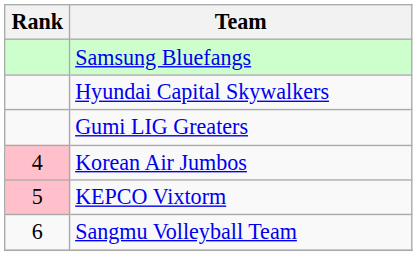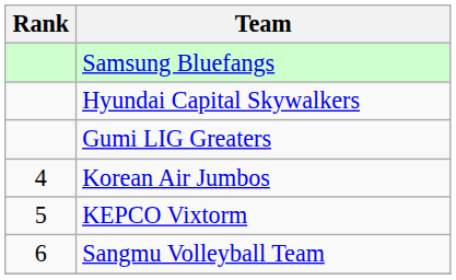 <table class="wikitable" style="text-align: center;">
 <tr>
 <th width=40>Rank</th>
 <th width=240>Team</th>
 </tr>
 <tr bgcolor=#ccffcc>
 <td></td>
 <td align=left><a href='#'>Samsung Bluefangs</a></td>
 </tr>
 <tr>
 <td></td>
 <td align=left><a href='#'>Hyundai Capital Skywalkers</a></td>
 </tr>
 <tr>
 <td></td>
 <td align=left><a href='#'>Gumi LIG Greaters</a></td>
 </tr>
 <tr>
-<td style="background: pink;">4</td>
+<td>4</td>
 <td align=left><a href='#'>Korean Air Jumbos</a></td>
 </tr>
 <tr>
-<td style="background: pink;">5</td>
+<td>5</td>
 <td align=left><a href='#'>KEPCO Vixtorm</a></td>
 </tr>
 <tr>
 <td>6</td>
 <td align=left><a href='#'>Sangmu Volleyball Team</a></td>
 </tr>
 <tr>
 </tr>
 </table>
